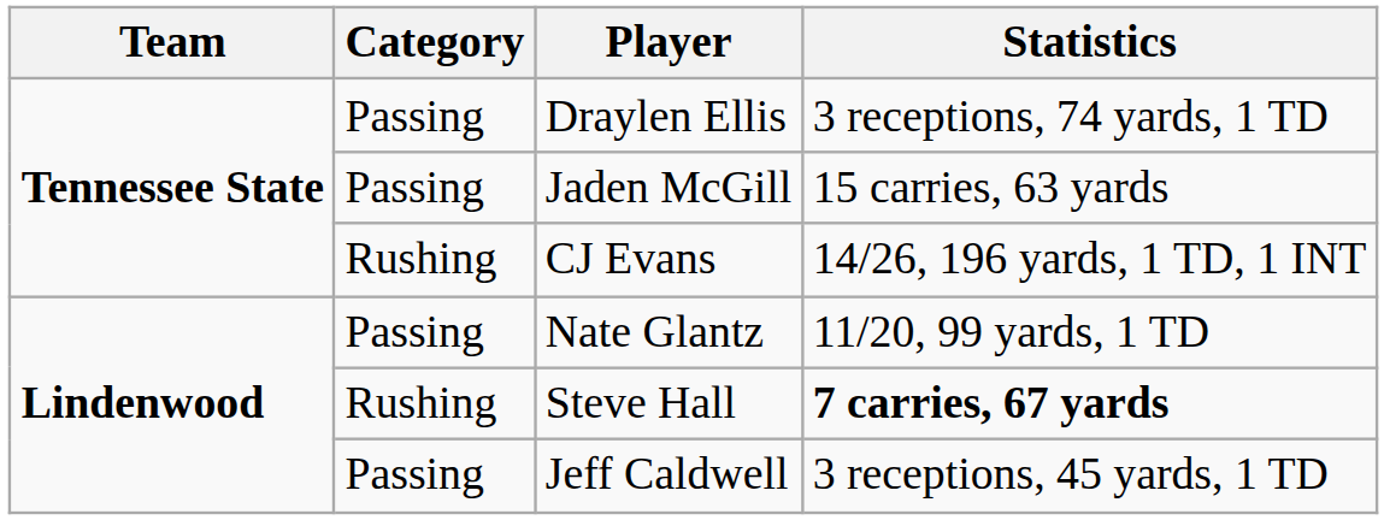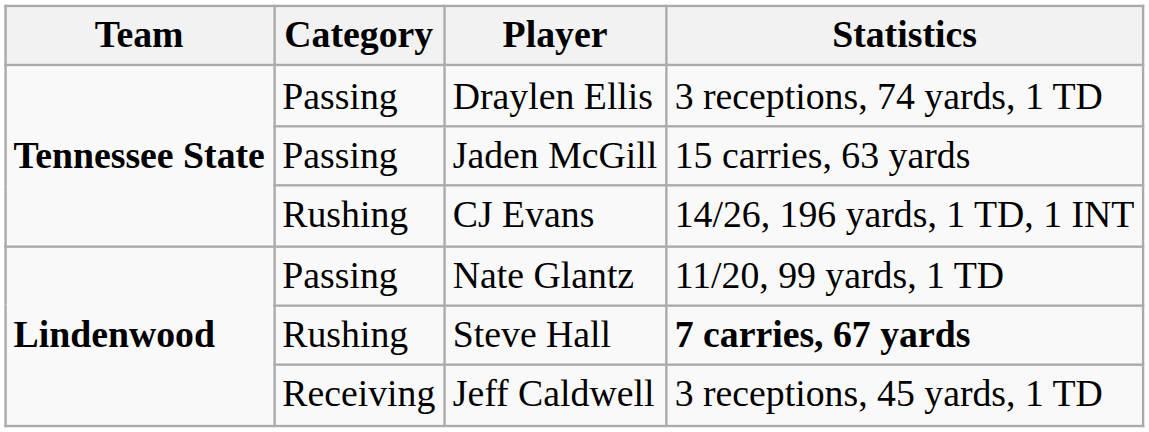 <table class="wikitable" style="float: right;">
 <tr>
 <th>Team</th>
 <th>Category</th>
 <th>Player</th>
 <th>Statistics</th>
 </tr>
 <tr>
 <td rowspan=3><strong>Tennessee State</strong></td>
 <td>Passing</td>
 <td>Draylen Ellis</td>
 <td>3 receptions, 74 yards, 1 TD</td>
 </tr>
 <tr>
 <td>Passing</td>
 <td>Jaden McGill</td>
 <td>15 carries, 63 yards</td>
 </tr>
 <tr>
 <td>Rushing</td>
 <td>CJ Evans</td>
 <td>14/26, 196 yards, 1 TD, 1 INT</td>
 </tr>
 <tr>
 <td rowspan=3><strong>Lindenwood</strong></td>
 <td>Passing</td>
 <td>Nate Glantz</td>
 <td>11/20, 99 yards, 1 TD</td>
 </tr>
 <tr>
 <td>Rushing</td>
 <td>Steve Hall</td>
 <td><strong>7 carries, 67 yards</strong></td>
 </tr>
 <tr>
-<td>Passing</td>
+<td>Receiving</td>
 <td>Jeff Caldwell</td>
 <td>3 receptions, 45 yards, 1 TD</td>
 </tr>
 </table>
